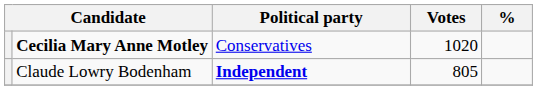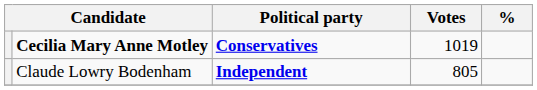 <table class="wikitable">
 <tr>
 <th valign=top colspan="2" style="width: 180px">Candidate</th>
 <th valign=top style="width: 180px">Political party</th>
 <th valign=top style="width: 60px">Votes</th>
 <th valign=top style="width: 40px">%</th>
 </tr>
 <tr>
 <th style="background-color: "></th>
 <td><strong>Cecilia Mary Anne Motley</strong></td>
-<td><a href='#'>Conservatives</a></td>
-<td align="right">1020</td>
+<td><strong><a href='#'>Conservatives</a></strong></td>
+<td align="right">1019</td>
 <td align="right"></td>
 </tr>
 <tr>
 <th style="background-color: "></th>
 <td>Claude Lowry Bodenham</td>
 <td><strong><a href='#'>Independent</a></strong></td>
 <td align="right">805</td>
 <td align="right"></td>
 </tr>
 <tr>
 </tr>
 </table>
